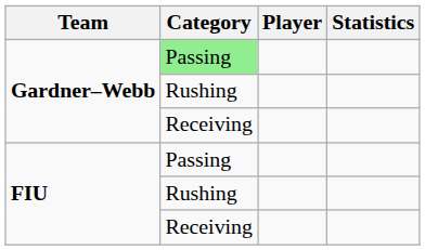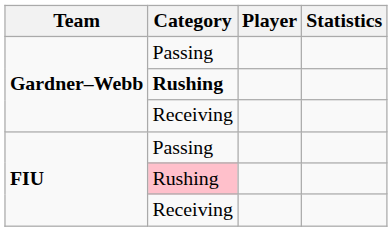 <table class="wikitable" style="float: right;">
 <tr>
 <th>Team</th>
 <th>Category</th>
 <th>Player</th>
 <th>Statistics</th>
 </tr>
 <tr>
 <td rowspan=3><strong>Gardner–Webb</strong></td>
-<td style="background: lightgreen;">Passing</td>
+<td>Passing</td>
 <td></td>
 <td></td>
 </tr>
 <tr>
-<td>Rushing</td>
+<td><strong>Rushing</strong></td>
 <td></td>
 <td></td>
 </tr>
 <tr>
 <td>Receiving</td>
 <td></td>
 <td></td>
 </tr>
 <tr>
 <td rowspan=3><strong>FIU</strong></td>
 <td>Passing</td>
 <td></td>
 <td></td>
 </tr>
 <tr>
-<td>Rushing</td>
+<td style="background: pink;">Rushing</td>
 <td></td>
 <td></td>
 </tr>
 <tr>
 <td>Receiving</td>
 <td></td>
 <td></td>
 </tr>
 </table>
